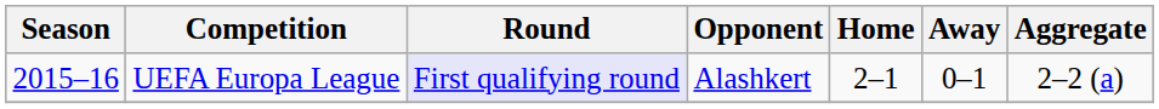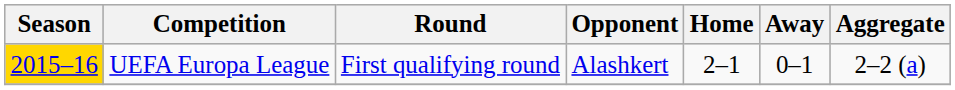 <table class="wikitable">
 <tr>
 <th>Season</th>
 <th>Competition</th>
 <th>Round</th>
 <th>Opponent</th>
 <th>Home</th>
 <th>Away</th>
 <th>Aggregate</th>
 </tr>
 <tr>
-<td><a href='#'>2015–16</a></td>
+<td style="background: gold;"><a href='#'>2015–16</a></td>
 <td><a href='#'>UEFA Europa League</a></td>
-<td style="background: lavender;"><a href='#'>First qualifying round</a></td>
+<td><a href='#'>First qualifying round</a></td>
 <td> <a href='#'>Alashkert</a></td>
 <td align="center">2–1</td>
 <td align="center">0–1</td>
 <td align="center">2–2 (<a href='#'>a</a>)</td>
 </tr>
 <tr>
 </tr>
 </table>
